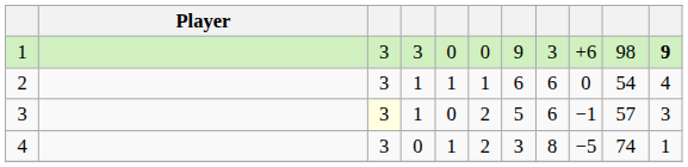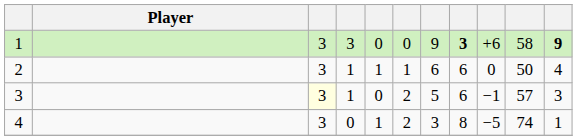 <table class="wikitable" style="text-align:center;">
 <tr>
 <th width=20></th>
 <th width=260>Player</th>
 <th width=20></th>
 <th width=20></th>
 <th width=20></th>
 <th width=20></th>
 <th width=20></th>
 <th width=20></th>
 <th width=20></th>
 <th width=30></th>
 <th width=20></th>
 </tr>
 <tr style="background:#D0F0C0;">
 <td>1</td>
 <td align=left> <small></small></td>
 <td>3</td>
 <td>3</td>
 <td>0</td>
 <td>0</td>
 <td>9</td>
-<td>3</td>
+<td><strong>3</strong></td>
 <td>+6</td>
-<td>98</td>
+<td>58</td>
 <td><strong>9</strong></td>
 </tr>
 <tr>
 <td>2</td>
 <td align=left> <small></small></td>
 <td>3</td>
 <td>1</td>
 <td>1</td>
 <td>1</td>
 <td>6</td>
 <td>6</td>
 <td>0</td>
-<td>54</td>
+<td>50</td>
 <td>4</td>
 </tr>
 <tr>
 <td>3</td>
 <td align=left> <small></small></td>
 <td style="background: lightyellow;">3</td>
 <td>1</td>
 <td>0</td>
 <td>2</td>
 <td>5</td>
 <td>6</td>
 <td>−1</td>
 <td>57</td>
 <td>3</td>
 </tr>
 <tr>
 <td>4</td>
 <td align=left> <small></small></td>
 <td>3</td>
 <td>0</td>
 <td>1</td>
 <td>2</td>
 <td>3</td>
 <td>8</td>
 <td>−5</td>
 <td>74</td>
 <td>1</td>
 </tr>
 <tr>
 </tr>
 </table>
